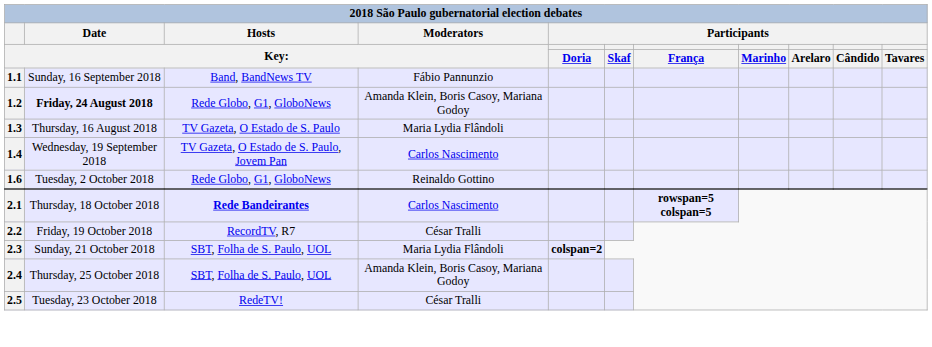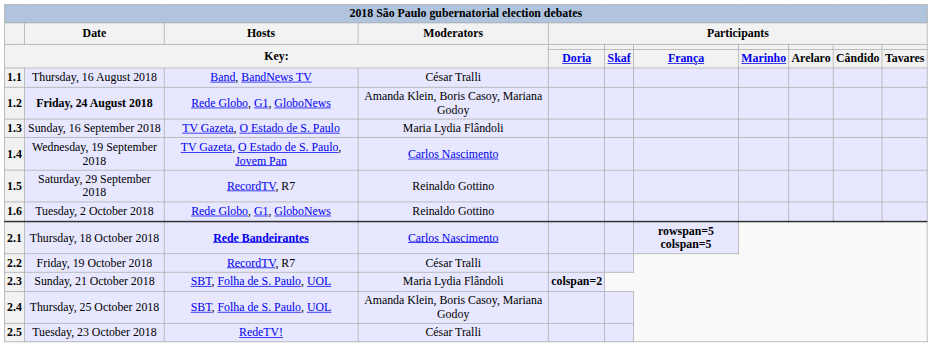 <table class="plainrowheaders wikitable" style=text-align:center>
 <tr>
 <th colspan=11 style=background:#B0C4DE>2018 São Paulo gubernatorial election debates</th>
 </tr>
 <tr style=line-height:1.3>
 <th></th>
 <th>Date</th>
 <th>Hosts</th>
 <th>Moderators</th>
 <th colspan=7 scope=col>Participants</th>
 </tr>
 <tr>
 <th colspan=4 rowspan=2>Key:<br></th>
 <th scope=col style=background:><small><a href='#'></a></small></th>
 <th scope=col style=background:><small><a href='#'></a></small></th>
 <th scope=col style=background:><small><a href='#'></a></small></th>
 <th scope=col style=background:><small><a href='#'></a></small></th>
 <th scope=col style=background:><small><a href='#'></a></small></th>
 <th scope=col style=background:><small><a href='#'></a></small></th>
 <th scope=col style=background:><small><a href='#'></a></small></th>
 </tr>
 <tr>
 <th><a href='#'>Doria</a></th>
 <th><a href='#'>Skaf</a></th>
 <th><a href='#'>França</a></th>
 <th><a href='#'>Marinho</a></th>
 <th>Arelaro</th>
 <th>Cândido</th>
 <th>Tavares</th>
 </tr>
 <tr style=background:#e7e7ff>
 <th scope=row style=text-align:center>1.1</th>
-<td>Sunday, 16 September 2018</td>
+<td>Thursday, 16 August 2018</td>
 <td><a href='#'>Band</a>, <a href='#'>BandNews TV</a></td>
-<td>Fábio Pannunzio</td>
+<td>César Tralli</td>
 <td></td>
 <td></td>
 <td></td>
 <td></td>
 <td></td>
 <td></td>
 <td></td>
 </tr>
 <tr style=background:#e7e7ff>
 <th scope=row style=text-align:center>1.2</th>
 <td><strong>Friday, 24 August 2018</strong></td>
 <td><a href='#'>Rede Globo</a>, <a href='#'>G1</a>, <a href='#'>GloboNews</a></td>
 <td>Amanda Klein, Boris Casoy, Mariana Godoy</td>
 <td></td>
 <td></td>
 <td></td>
 <td></td>
 <td></td>
 <td></td>
 <td></td>
 </tr>
 <tr style=background:#e7e7ff>
 <th scope=row style=text-align:center>1.3</th>
-<td>Thursday, 16 August 2018</td>
+<td>Sunday, 16 September 2018</td>
 <td><a href='#'>TV Gazeta</a>, <a href='#'>O Estado de S. Paulo</a></td>
 <td>Maria Lydia Flândoli</td>
 <td></td>
 <td></td>
 <td></td>
 <td></td>
 <td></td>
 <td></td>
 <td></td>
 </tr>
 <tr style=background:#e7e7ff>
 <th scope=row style=text-align:center>1.4</th>
 <td>Wednesday, 19 September 2018</td>
 <td><a href='#'>TV Gazeta</a>, <a href='#'>O Estado de S. Paulo</a>, <a href='#'>Jovem Pan</a></td>
 <td><a href='#'>Carlos Nascimento</a></td>
+<td></td>
+<td></td>
+<td></td>
+<td></td>
+<td></td>
+<td></td>
+<td></td>
+</tr>
+<tr style=background:#e7e7ff>
+<th scope=row style=text-align:center>1.5</th>
+<td>Saturday, 29 September 2018</td>
+<td><a href='#'>RecordTV</a>, R7</td>
+<td>Reinaldo Gottino</td>
 <td></td>
 <td></td>
 <td></td>
 <td></td>
 <td></td>
 <td></td>
 <td></td>
 </tr>
 <tr style=background:#e7e7ff>
 <th scope=row style=text-align:center>1.6</th>
 <td>Tuesday, 2 October 2018</td>
 <td><a href='#'>Rede Globo</a>, <a href='#'>G1</a>, <a href='#'>GloboNews</a></td>
 <td>Reinaldo Gottino</td>
 <td></td>
 <td></td>
 <td></td>
 <td></td>
 <td></td>
 <td></td>
 <td></td>
 </tr>
 <tr style="background:#e7e7ff; border-top: 2px solid #333333">
 <th scope=row style=text-align:center>2.1</th>
 <td>Thursday, 18 October 2018</td>
 <td><strong><a href='#'>Rede Bandeirantes</a></strong></td>
 <td><a href='#'>Carlos Nascimento</a></td>
 <td></td>
 <td></td>
 <td><strong>rowspan=5 colspan=5 </strong></td>
 </tr>
 <tr style=background:#e7e7ff>
 <th scope=row style=text-align:center>2.2</th>
 <td>Friday, 19 October 2018</td>
 <td><a href='#'>RecordTV</a>, R7</td>
 <td>César Tralli</td>
 <td></td>
 <td></td>
 </tr>
 <tr style=background:#e7e7ff>
 <th scope=row style=text-align:center>2.3</th>
 <td>Sunday, 21 October 2018</td>
 <td><a href='#'>SBT</a>, <a href='#'>Folha de S. Paulo</a>, <a href='#'>UOL</a></td>
 <td>Maria Lydia Flândoli</td>
 <td><strong>colspan=2 </strong></td>
 </tr>
 <tr style=background:#e7e7ff>
 <th scope=row style=text-align:center>2.4</th>
 <td>Thursday, 25 October 2018</td>
 <td><a href='#'>SBT</a>, <a href='#'>Folha de S. Paulo</a>, <a href='#'>UOL</a></td>
 <td>Amanda Klein, Boris Casoy, Mariana Godoy</td>
 <td></td>
 <td></td>
 </tr>
 <tr style=background:#e7e7ff>
 <th scope=row style=text-align:center>2.5</th>
 <td>Tuesday, 23 October 2018</td>
 <td><a href='#'>RedeTV!</a></td>
 <td>César Tralli</td>
 <td></td>
 <td></td>
 </tr>
 </table>
